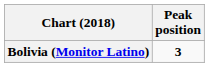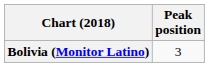 <table class="wikitable plainrowheaders" style="text-align:center">
 <tr>
 <th scope="col">Chart (2018)</th>
 <th scope="col">Peak<br> position</th>
 </tr>
 <tr>
 <th scope="row">Bolivia (<a href='#'>Monitor Latino</a>)</th>
-<td><strong>3</strong></td>
+<td>3</td>
 </tr>
 </table>
